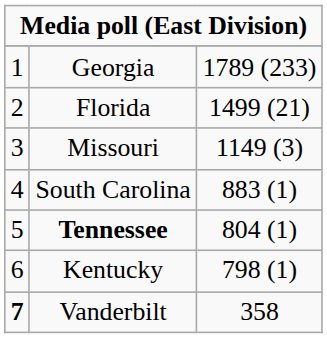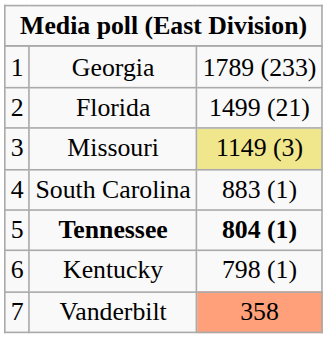 <table class="wikitable" style="display: inline-table;">
 <tr>
 <td align="center" Colspan="3"><strong>Media poll (East Division)</strong></td>
 </tr>
 <tr align="center">
 </tr>
 <tr align="center">
 <td>1</td>
 <td>Georgia</td>
 <td>1789 (233)</td>
 </tr>
 <tr align="center">
 <td>2</td>
 <td>Florida</td>
 <td>1499 (21)</td>
 </tr>
 <tr align="center">
 <td>3</td>
 <td>Missouri</td>
-<td>1149 (3)</td>
+<td style="background: khaki;">1149 (3)</td>
 </tr>
 <tr align="center">
 <td>4</td>
 <td>South Carolina</td>
 <td>883 (1)</td>
 </tr>
 <tr align="center">
 <td>5</td>
 <td><strong>Tennessee</strong></td>
-<td>804 (1)</td>
+<td><strong>804 (1)</strong></td>
 </tr>
 <tr align="center">
 <td>6</td>
 <td>Kentucky</td>
 <td>798 (1)</td>
 </tr>
 <tr align="center">
-<td><strong>7</strong></td>
+<td>7</td>
 <td>Vanderbilt</td>
-<td>358</td>
+<td style="background: lightsalmon;">358</td>
 </tr>
 </table>
